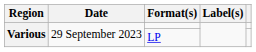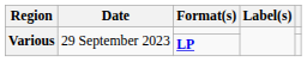 <table class="wikitable plainrowheaders">
 <tr>
 <th scope="col">Region</th>
 <th scope="col">Date</th>
 <th scope="col">Format(s)</th>
 <th scope="col">Label(s)</th>
 <th scope="col"></th>
 </tr>
 <tr>
 <th scope="row" rowspan="2">Various</th>
 <td rowspan="2">29 September 2023</td>
 <td></td>
 <td rowspan="2"></td>
 <td style="text-align:center;"></td>
 </tr>
 <tr>
-<td><a href='#'>LP</a></td>
+<td><strong><a href='#'>LP</a></strong></td>
 <td style="text-align:center;"></td>
 </tr>
 </table>
